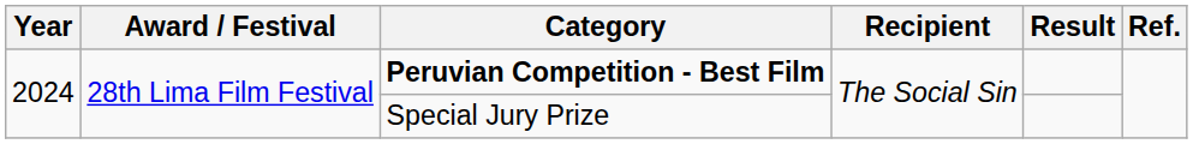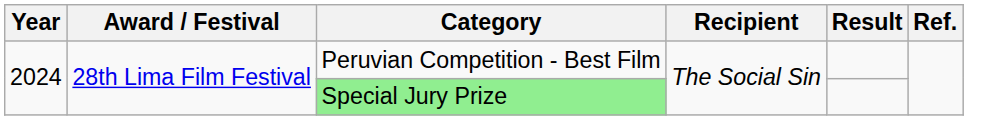 <table class="wikitable">
 <tr>
 <th>Year</th>
 <th>Award / Festival</th>
 <th>Category</th>
 <th>Recipient</th>
 <th>Result</th>
 <th>Ref.</th>
 </tr>
 <tr>
 <td rowspan="2">2024</td>
 <td rowspan="2"><a href='#'>28th Lima Film Festival</a></td>
-<td><strong>Peruvian Competition - Best Film</strong></td>
+<td>Peruvian Competition - Best Film</td>
 <td rowspan="2"><em>The Social Sin</em></td>
 <td></td>
 <td rowspan="2"></td>
 </tr>
 <tr>
-<td>Special Jury Prize</td>
+<td style="background: lightgreen;">Special Jury Prize</td>
 <td></td>
 </tr>
 </table>
